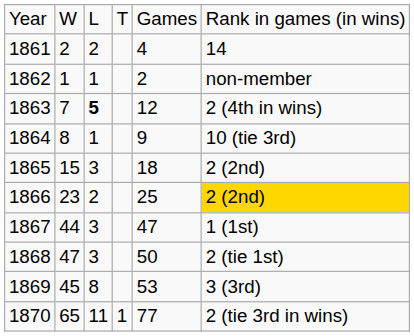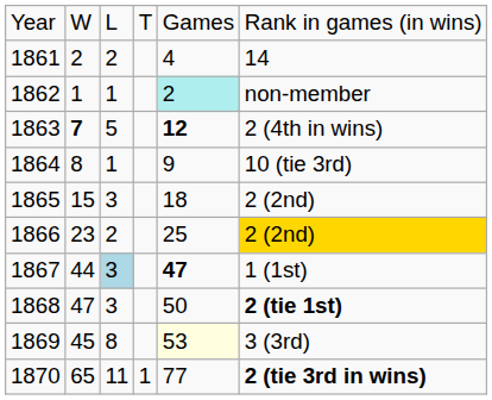 <table class="wikitable sortable">
 <tr>
 <td>Year</td>
 <td>W</td>
 <td>L</td>
 <td>T</td>
 <td>Games</td>
 <td>Rank in games (in wins)</td>
 </tr>
 <tr>
 <td>1861</td>
 <td>2</td>
 <td>2</td>
 <td></td>
 <td>4</td>
 <td>14</td>
 </tr>
 <tr>
 <td>1862</td>
 <td>1</td>
 <td>1</td>
 <td></td>
-<td>2</td>
+<td style="background: paleturquoise;">2</td>
 <td>non-member</td>
 </tr>
 <tr>
 <td>1863</td>
-<td>7</td>
-<td><strong>5</strong></td>
+<td><strong>7</strong></td>
+<td>5</td>
 <td></td>
-<td>12</td>
+<td><strong>12</strong></td>
 <td>2 (4th in wins)</td>
 </tr>
 <tr>
 <td>1864</td>
 <td>8</td>
 <td>1</td>
 <td></td>
 <td>9</td>
 <td>10 (tie 3rd)</td>
 </tr>
 <tr>
 <td>1865</td>
 <td>15</td>
 <td>3</td>
 <td></td>
 <td>18</td>
 <td>2 (2nd)</td>
 </tr>
 <tr>
 <td>1866</td>
 <td>23</td>
 <td>2</td>
 <td></td>
 <td>25</td>
 <td style="background: gold;">2 (2nd)</td>
 </tr>
 <tr>
 <td>1867</td>
 <td>44</td>
-<td>3</td>
+<td style="background: lightblue;">3</td>
 <td></td>
-<td>47</td>
+<td><strong>47</strong></td>
 <td>1 (1st)</td>
 </tr>
 <tr>
 <td>1868</td>
 <td>47</td>
 <td>3</td>
 <td></td>
 <td>50</td>
-<td>2 (tie 1st)</td>
+<td><strong>2 (tie 1st)</strong></td>
 </tr>
 <tr>
 <td>1869</td>
 <td>45</td>
 <td>8</td>
 <td></td>
-<td>53</td>
+<td style="background: lightyellow;">53</td>
 <td>3 (3rd)</td>
 </tr>
 <tr>
 <td>1870</td>
 <td>65</td>
 <td>11</td>
 <td>1</td>
 <td>77</td>
-<td>2 (tie 3rd in wins)</td>
+<td><strong>2 (tie 3rd in wins)</strong></td>
 </tr>
 </table>
